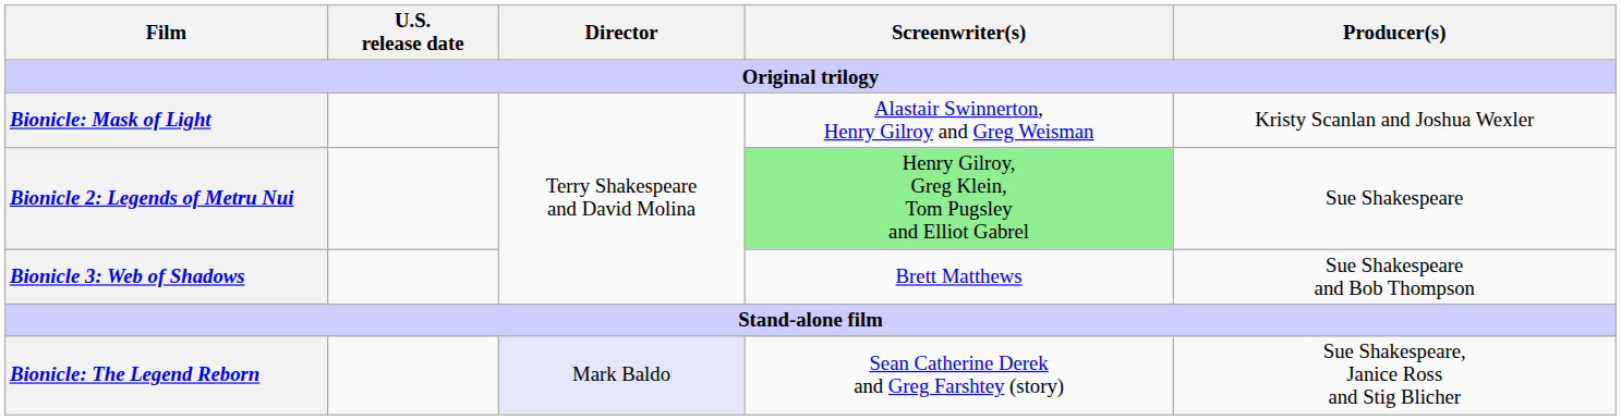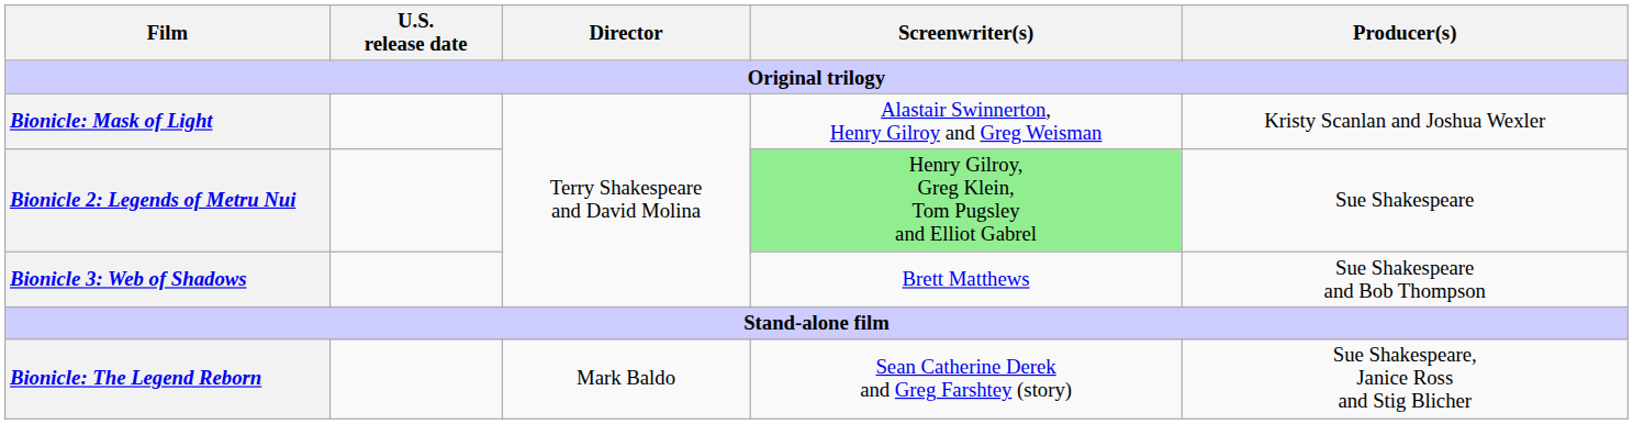 <table class="wikitable plainrowheaders" style="text-align:center" width=100%>
 <tr>
 <th scope="col" style="width:20%;">Film</th>
 <th scope="col">U.S. <br>release date</th>
 <th scope="col">Director</th>
 <th scope="col">Screenwriter(s)</th>
 <th scope="col">Producer(s)</th>
 </tr>
 <tr>
 <th colspan="6" style="background-color: #ccccff;">Original trilogy</th>
 </tr>
 <tr>
 <th scope="row" style="text-align:left"><em><a href='#'>Bionicle: Mask of Light</a></em></th>
 <td style="text-align:center"></td>
 <td rowspan="3">Terry Shakespeare<br> and David Molina</td>
 <td><a href='#'>Alastair Swinnerton</a>, <br><a href='#'>Henry Gilroy</a> and <a href='#'>Greg Weisman</a></td>
 <td>Kristy Scanlan and Joshua Wexler</td>
 </tr>
 <tr>
 <th scope="row" style="text-align:left"><em><a href='#'>Bionicle 2: Legends of Metru Nui</a></em></th>
 <td style="text-align:center"></td>
 <td style="background: lightgreen;">Henry Gilroy, <br>Greg Klein, <br>Tom Pugsley<br> and Elliot Gabrel</td>
 <td>Sue Shakespeare</td>
 </tr>
 <tr>
 <th scope="row" style="text-align:left"><em><a href='#'>Bionicle 3: Web of Shadows</a></em></th>
 <td style="text-align:center"></td>
 <td><a href='#'>Brett Matthews</a></td>
 <td>Sue Shakespeare<br> and Bob Thompson</td>
 </tr>
 <tr>
 <th colspan="6" style="background-color: #ccccff;">Stand-alone film</th>
 </tr>
 <tr>
 <th scope="row" style="text-align:left"><em><a href='#'>Bionicle: The Legend Reborn</a></em></th>
 <td style="text-align:center"></td>
-<td style="background: lavender;">Mark Baldo</td>
+<td>Mark Baldo</td>
 <td><a href='#'>Sean Catherine Derek</a><br> and <a href='#'>Greg Farshtey</a> (story)</td>
 <td>Sue Shakespeare, <br>Janice Ross<br> and Stig Blicher</td>
 </tr>
 </table>
